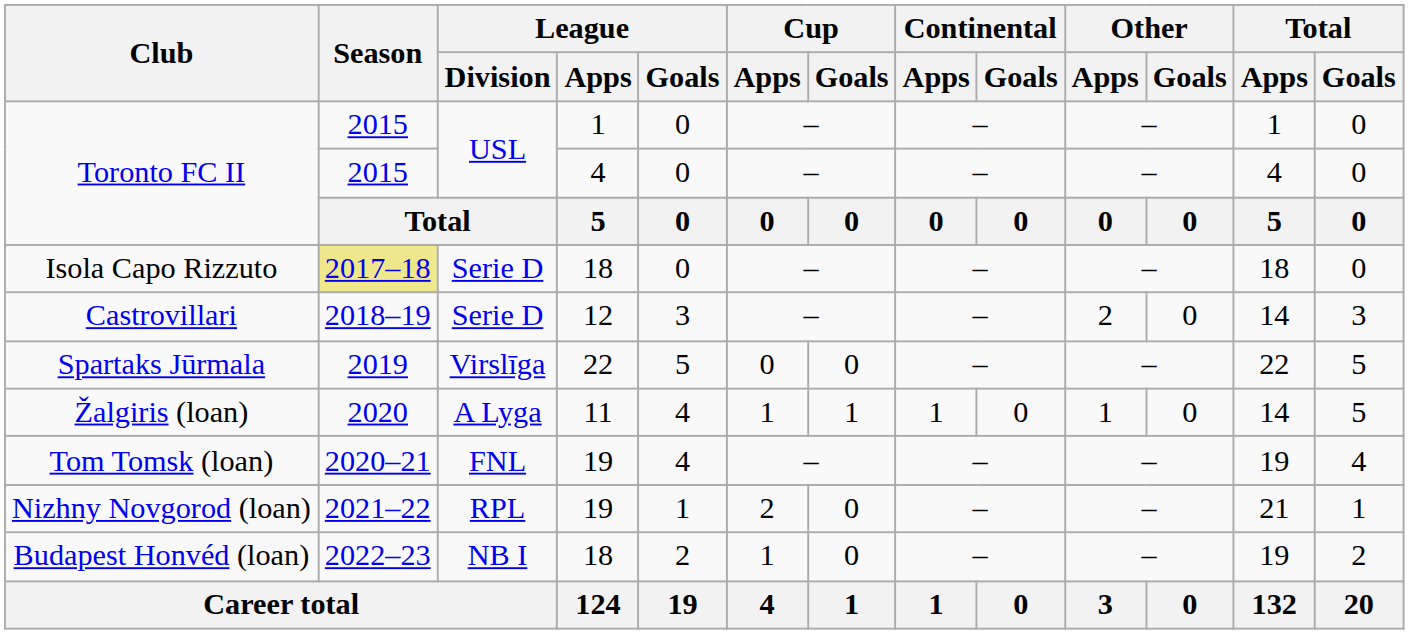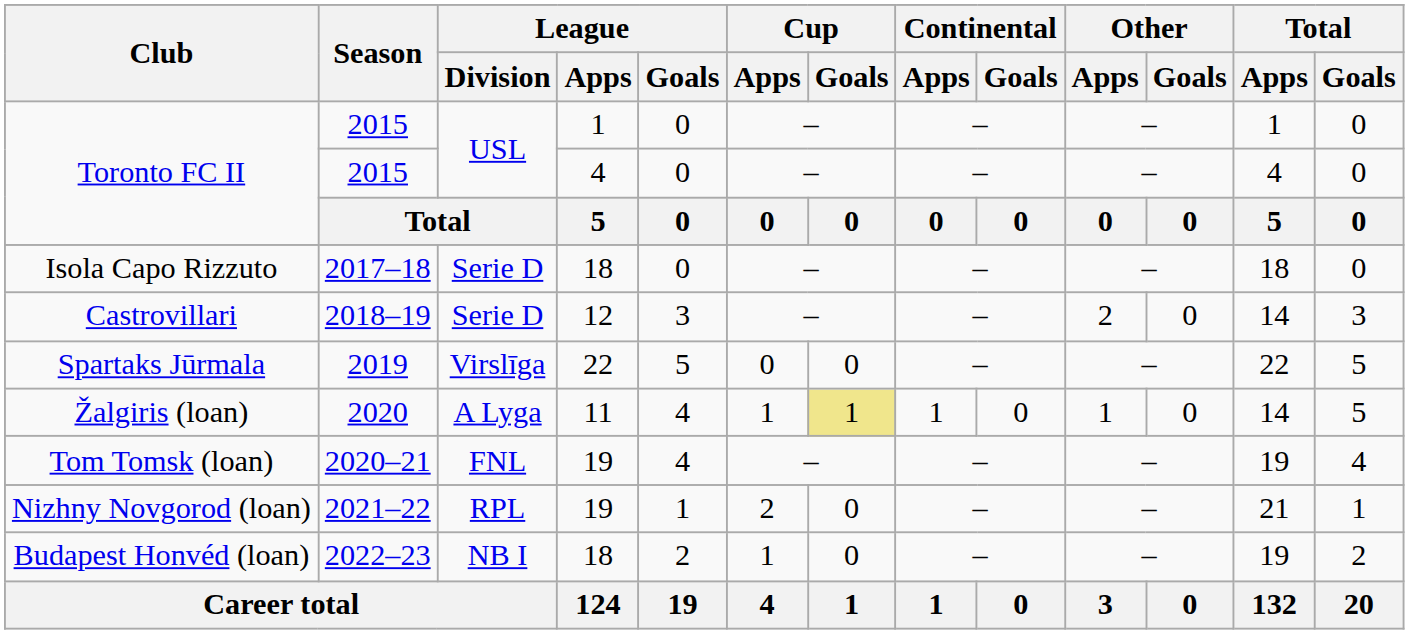 <table class="wikitable" style="text-align: center;">
 <tr>
 <th rowspan=2>Club</th>
 <th rowspan=2>Season</th>
 <th colspan=3>League</th>
 <th colspan=2>Cup</th>
 <th colspan=2>Continental</th>
 <th colspan=2>Other</th>
 <th colspan=2>Total</th>
 </tr>
 <tr>
 <th>Division</th>
 <th>Apps</th>
 <th>Goals</th>
 <th>Apps</th>
 <th>Goals</th>
 <th>Apps</th>
 <th>Goals</th>
 <th>Apps</th>
 <th>Goals</th>
 <th>Apps</th>
 <th>Goals</th>
 </tr>
 <tr>
 <td rowspan="3"><a href='#'>Toronto FC II</a></td>
 <td><a href='#'>2015</a></td>
 <td rowspan="2"><a href='#'>USL</a></td>
 <td>1</td>
 <td>0</td>
 <td colspan=2>–</td>
 <td colspan=2>–</td>
 <td colspan=2>–</td>
 <td>1</td>
 <td>0</td>
 </tr>
 <tr>
 <td><a href='#'>2015</a></td>
 <td>4</td>
 <td>0</td>
 <td colspan=2>–</td>
 <td colspan=2>–</td>
 <td colspan=2>–</td>
 <td>4</td>
 <td>0</td>
 </tr>
 <tr>
 <th colspan=2>Total</th>
 <th>5</th>
 <th>0</th>
 <th>0</th>
 <th>0</th>
 <th>0</th>
 <th>0</th>
 <th>0</th>
 <th>0</th>
 <th>5</th>
 <th>0</th>
 </tr>
 <tr>
 <td>Isola Capo Rizzuto</td>
-<td style="background: khaki;"><a href='#'>2017–18</a></td>
+<td><a href='#'>2017–18</a></td>
 <td><a href='#'>Serie D</a></td>
 <td>18</td>
 <td>0</td>
 <td colspan=2>–</td>
 <td colspan=2>–</td>
 <td colspan=2>–</td>
 <td>18</td>
 <td>0</td>
 </tr>
 <tr>
 <td><a href='#'>Castrovillari</a></td>
 <td><a href='#'>2018–19</a></td>
 <td><a href='#'>Serie D</a></td>
 <td>12</td>
 <td>3</td>
 <td colspan=2>–</td>
 <td colspan=2>–</td>
 <td>2</td>
 <td>0</td>
 <td>14</td>
 <td>3</td>
 </tr>
 <tr>
 <td><a href='#'>Spartaks Jūrmala</a></td>
 <td><a href='#'>2019</a></td>
 <td><a href='#'>Virslīga</a></td>
 <td>22</td>
 <td>5</td>
 <td>0</td>
 <td>0</td>
 <td colspan=2>–</td>
 <td colspan=2>–</td>
 <td>22</td>
 <td>5</td>
 </tr>
 <tr>
 <td><a href='#'>Žalgiris</a> (loan)</td>
 <td><a href='#'>2020</a></td>
 <td><a href='#'>A Lyga</a></td>
 <td>11</td>
 <td>4</td>
 <td>1</td>
-<td>1</td>
+<td style="background: khaki;">1</td>
 <td>1</td>
 <td>0</td>
 <td>1</td>
 <td>0</td>
 <td>14</td>
 <td>5</td>
 </tr>
 <tr>
 <td><a href='#'>Tom Tomsk</a> (loan)</td>
 <td><a href='#'>2020–21</a></td>
 <td><a href='#'>FNL</a></td>
 <td>19</td>
 <td>4</td>
 <td colspan=2>–</td>
 <td colspan=2>–</td>
 <td colspan=2>–</td>
 <td>19</td>
 <td>4</td>
 </tr>
 <tr>
 <td><a href='#'>Nizhny Novgorod</a> (loan)</td>
 <td><a href='#'>2021–22</a></td>
 <td><a href='#'>RPL</a></td>
 <td>19</td>
 <td>1</td>
 <td>2</td>
 <td>0</td>
 <td colspan=2>–</td>
 <td colspan=2>–</td>
 <td>21</td>
 <td>1</td>
 </tr>
 <tr>
 <td><a href='#'>Budapest Honvéd</a> (loan)</td>
 <td><a href='#'>2022–23</a></td>
 <td><a href='#'>NB I</a></td>
 <td>18</td>
 <td>2</td>
 <td>1</td>
 <td>0</td>
 <td colspan=2>–</td>
 <td colspan=2>–</td>
 <td>19</td>
 <td>2</td>
 </tr>
 <tr>
 <th colspan=3>Career total</th>
 <th>124</th>
 <th>19</th>
 <th>4</th>
 <th>1</th>
 <th>1</th>
 <th>0</th>
 <th>3</th>
 <th>0</th>
 <th>132</th>
 <th>20</th>
 </tr>
 </table>
